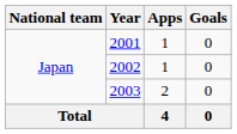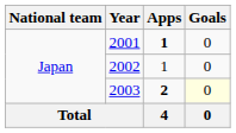 <table class="wikitable" style="text-align:center">
 <tr>
 <th>National team</th>
 <th>Year</th>
 <th>Apps</th>
 <th>Goals</th>
 </tr>
 <tr>
 <td rowspan="3"><a href='#'>Japan</a></td>
 <td><a href='#'>2001</a></td>
-<td>1</td>
+<td><strong>1</strong></td>
 <td>0</td>
 </tr>
 <tr>
 <td><a href='#'>2002</a></td>
 <td>1</td>
 <td>0</td>
 </tr>
 <tr>
 <td><a href='#'>2003</a></td>
-<td>2</td>
-<td>0</td>
+<td><strong>2</strong></td>
+<td style="background: lightyellow;">0</td>
 </tr>
 <tr>
 <th colspan="2">Total</th>
 <th>4</th>
 <th>0</th>
 </tr>
 </table>
